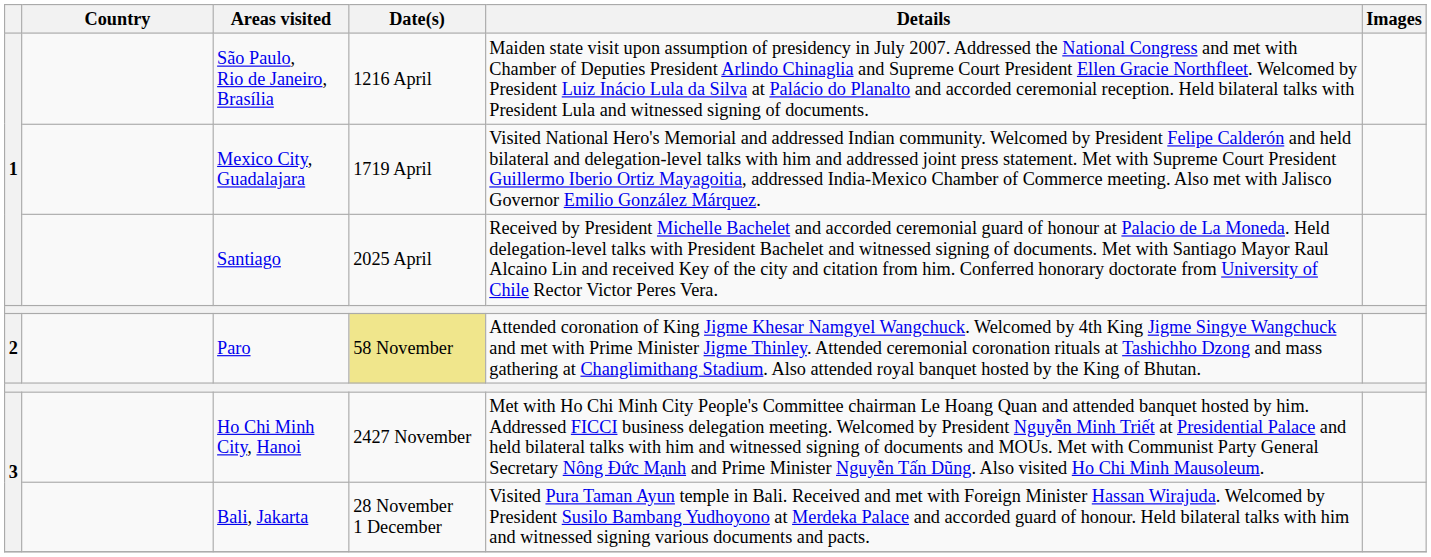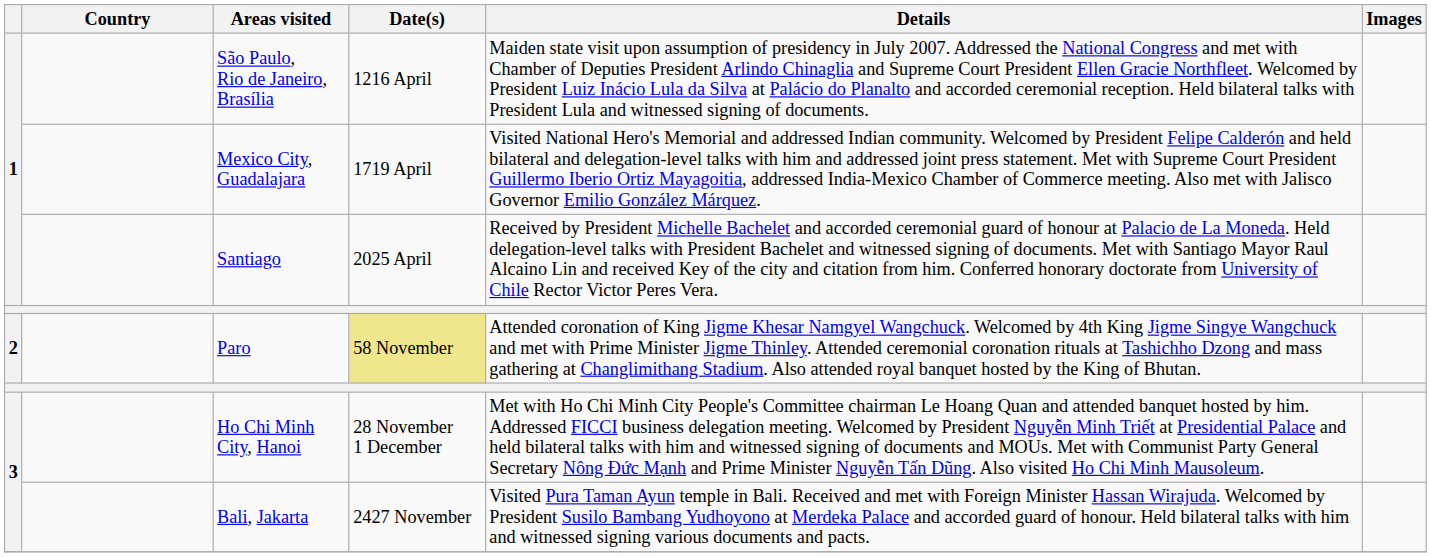 <table class="wikitable outercollapse sortable">
 <tr>
 <th></th>
 <th style="width:10em">Country</th>
 <th style="width:7em">Areas visited</th>
 <th style="width:7em">Date(s)</th>
 <th class="unsortable">Details</th>
 <th class="unsortable">Images</th>
 </tr>
 <tr>
 <th rowspan="3">1</th>
 <td></td>
 <td><a href='#'>São Paulo</a>,<br><a href='#'>Rio de Janeiro</a>,<br><a href='#'>Brasília</a></td>
 <td>1216 April</td>
 <td>Maiden state visit upon assumption of presidency in July 2007. Addressed the <a href='#'>National Congress</a> and met with Chamber of Deputies President <a href='#'>Arlindo Chinaglia</a> and Supreme Court President <a href='#'>Ellen Gracie Northfleet</a>. Welcomed by President <a href='#'>Luiz Inácio Lula da Silva</a> at <a href='#'>Palácio do Planalto</a> and accorded ceremonial reception. Held bilateral talks with President Lula and witnessed signing of documents.</td>
 <td></td>
 </tr>
 <tr>
 <td></td>
 <td><a href='#'>Mexico City</a>, <a href='#'>Guadalajara</a></td>
 <td>1719 April</td>
 <td>Visited National Hero's Memorial and addressed Indian community. Welcomed by President <a href='#'>Felipe Calderón</a> and held bilateral and delegation-level talks with him and addressed joint press statement. Met with Supreme Court President <a href='#'>Guillermo Iberio Ortiz Mayagoitia</a>, addressed India-Mexico Chamber of Commerce meeting. Also met with Jalisco Governor <a href='#'>Emilio González Márquez</a>.</td>
 <td></td>
 </tr>
 <tr>
 <td></td>
 <td><a href='#'>Santiago</a></td>
 <td>2025 April</td>
 <td>Received by President <a href='#'>Michelle Bachelet</a> and accorded ceremonial guard of honour at <a href='#'>Palacio de La Moneda</a>. Held delegation-level talks with President Bachelet and witnessed signing of documents. Met with Santiago Mayor Raul Alcaino Lin and received Key of the city and citation from him. Conferred honorary doctorate from <a href='#'>University of Chile</a> Rector Victor Peres Vera.</td>
 <td></td>
 </tr>
 <tr>
 <th colspan="6"></th>
 </tr>
 <tr>
 <th>2</th>
 <td></td>
 <td><a href='#'>Paro</a></td>
 <td style="background: khaki;">58 November</td>
 <td>Attended coronation of King <a href='#'>Jigme Khesar Namgyel Wangchuck</a>. Welcomed by 4th King <a href='#'>Jigme Singye Wangchuck</a> and met with Prime Minister <a href='#'>Jigme Thinley</a>. Attended ceremonial coronation rituals at <a href='#'>Tashichho Dzong</a> and mass gathering at <a href='#'>Changlimithang Stadium</a>. Also attended royal banquet hosted by the King of Bhutan.</td>
 <td></td>
 </tr>
 <tr>
 <th colspan="6"></th>
 </tr>
 <tr>
 <th rowspan="2">3</th>
 <td></td>
 <td><a href='#'>Ho Chi Minh City</a>, <a href='#'>Hanoi</a></td>
-<td>2427 November</td>
+<td>28 November<br>1 December</td>
 <td>Met with Ho Chi Minh City People's Committee chairman Le Hoang Quan and attended banquet hosted by him. Addressed <a href='#'>FICCI</a> business delegation meeting. Welcomed by President <a href='#'>Nguyễn Minh Triết</a> at <a href='#'>Presidential Palace</a> and held bilateral talks with him and witnessed signing of documents and MOUs. Met with Communist Party General Secretary <a href='#'>Nông Đức Mạnh</a> and Prime Minister <a href='#'>Nguyễn Tấn Dũng</a>. Also visited <a href='#'>Ho Chi Minh Mausoleum</a>.</td>
 <td></td>
 </tr>
 <tr>
 <td></td>
 <td><a href='#'>Bali</a>, <a href='#'>Jakarta</a></td>
-<td>28 November<br>1 December</td>
+<td>2427 November</td>
 <td>Visited <a href='#'>Pura Taman Ayun</a> temple in Bali. Received and met with Foreign Minister <a href='#'>Hassan Wirajuda</a>. Welcomed by President <a href='#'>Susilo Bambang Yudhoyono</a> at <a href='#'>Merdeka Palace</a> and accorded guard of honour. Held bilateral talks with him and witnessed signing various documents and pacts.</td>
 <td></td>
 </tr>
 <tr>
 </tr>
 </table>
